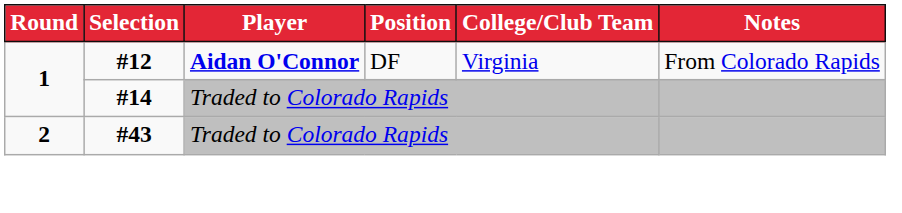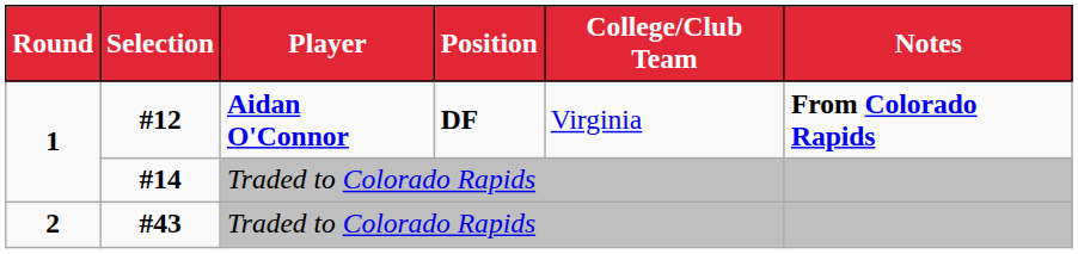 <table class="wikitable">
 <tr>
 <th style="background:#E32636; color:#fff;  border:1px solid #0e0e0e; text-align:center;">Round</th>
 <th style="background:#E32636; color:#fff;  border:1px solid #0e0e0e; text-align:center;">Selection</th>
 <th style="background:#E32636; color:#fff;  border:1px solid #0e0e0e; text-align:center;">Player</th>
 <th style="background:#E32636; color:#fff;  border:1px solid #0e0e0e; text-align:center;">Position</th>
 <th style="background:#E32636; color:#fff;  border:1px solid #0e0e0e; text-align:center;">College/Club Team</th>
 <th style="background:#E32636; color:#fff;  border:1px solid #0e0e0e; text-align:center;">Notes</th>
 </tr>
 <tr>
 <td rowspan="2" style="text-align: center"><strong>1</strong></td>
 <td style="text-align: center"><strong>#12</strong></td>
 <td><strong> <a href='#'>Aidan O'Connor</a></strong></td>
-<td>DF</td>
+<td><strong>DF</strong></td>
 <td><a href='#'>Virginia</a></td>
-<td>From <a href='#'>Colorado Rapids</a></td>
+<td><strong>From <a href='#'>Colorado Rapids</a></strong></td>
 </tr>
 <tr>
 <td style="text-align: center"><strong>#14</strong></td>
 <td colspan="3" style="background:#BFBFBF"><em>Traded to <a href='#'>Colorado Rapids</a></em></td>
 <td style="background:#BFBFBF"></td>
 </tr>
 <tr>
 <td style="text-align: center"><strong>2</strong></td>
 <td style="text-align: center"><strong>#43</strong></td>
 <td colspan="3" style="background:#BFBFBF"><em>Traded to <a href='#'>Colorado Rapids</a></em></td>
 <td style="background:#BFBFBF"></td>
 </tr>
 </table>
